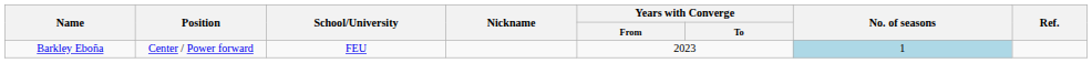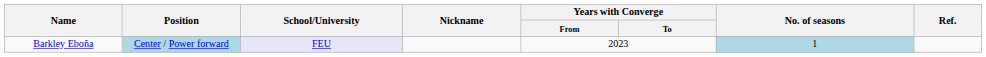 <table class="wikitable sortable" style="text-align:center" width="98%">
 <tr>
 <th style="width:180px;" rowspan="2">Name</th>
 <th style="width:180px;" rowspan="2">Position</th>
 <th style="width:250px;" rowspan="2">School/University</th>
 <th style="width:180px;" rowspan="2">Nickname</th>
 <th style="width:180px; text-align:center;" colspan="2">Years with Converge</th>
 <th rowspan="2">No. of seasons</th>
 <th rowspan="2"; class=unsortable>Ref.</th>
 </tr>
 <tr>
 <th style="width:10%; text-align:center;"><small>From</small></th>
 <th style="width:10%; text-align:center;"><small>To</small></th>
 </tr>
 <tr>
 <td><a href='#'>Barkley Eboña</a></td>
-<td><a href='#'>Center</a> / <a href='#'>Power forward</a></td>
-<td><a href='#'>FEU</a></td>
+<td style="background: lightblue;"><a href='#'>Center</a> / <a href='#'>Power forward</a></td>
+<td style="background: lavender;"><a href='#'>FEU</a></td>
 <td></td>
 <td colspan="2">2023</td>
 <td style="background: lightblue;">1</td>
 <td></td>
 </tr>
 </table>
